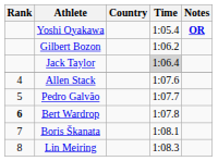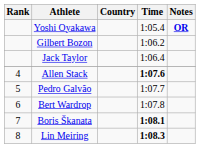 <table class="wikitable sortable" style="text-align:center">
 <tr>
 <th>Rank</th>
 <th>Athlete</th>
 <th>Country</th>
 <th>Time</th>
 <th>Notes</th>
 </tr>
 <tr>
 <td></td>
 <td><a href='#'>Yoshi Oyakawa</a></td>
 <td align=left></td>
 <td>1:05.4</td>
 <td><strong><a href='#'>OR</a></strong></td>
 </tr>
 <tr>
 <td></td>
 <td><a href='#'>Gilbert Bozon</a></td>
 <td align=left></td>
 <td>1:06.2</td>
 <td><strong> </strong></td>
 </tr>
 <tr>
 <td></td>
 <td><a href='#'>Jack Taylor</a></td>
 <td align=left></td>
-<td style="background: lightgrey;">1:06.4</td>
+<td>1:06.4</td>
 <td><strong> </strong></td>
 </tr>
 <tr>
 </tr>
 <tr>
 <td>4</td>
 <td><a href='#'>Allen Stack</a></td>
 <td align=left></td>
-<td>1:07.6</td>
+<td><strong>1:07.6</strong></td>
 <td><strong> </strong></td>
 </tr>
 <tr>
 <td>5</td>
 <td><a href='#'>Pedro Galvão</a></td>
 <td align=left></td>
 <td>1:07.7</td>
 <td><strong> </strong></td>
 </tr>
 <tr>
-<td><strong>6</strong></td>
+<td>6</td>
 <td><a href='#'>Bert Wardrop</a></td>
 <td align=left></td>
 <td>1:07.8</td>
 <td><strong> </strong></td>
 </tr>
 <tr>
 <td>7</td>
 <td><a href='#'>Boris Škanata</a></td>
 <td align=left></td>
-<td>1:08.1</td>
+<td><strong>1:08.1</strong></td>
 <td><strong> </strong></td>
 </tr>
 <tr>
 <td>8</td>
 <td><a href='#'>Lin Meiring</a></td>
 <td align=left></td>
-<td>1:08.3</td>
+<td><strong>1:08.3</strong></td>
 <td><strong> </strong></td>
 </tr>
 </table>
